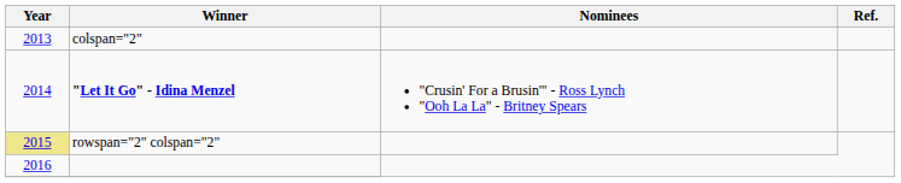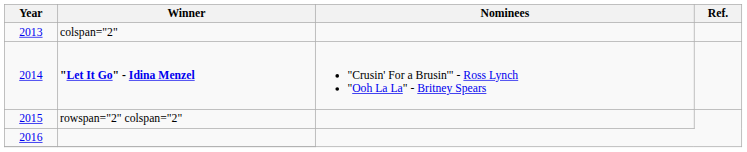 <table class="wikitable" width=80%>
 <tr>
 <th>Year</th>
 <th>Winner</th>
 <th>Nominees</th>
 <th>Ref.</th>
 </tr>
 <tr>
 <td align="center"><a href='#'>2013</a></td>
 <td>colspan="2" </td>
 <td align="center"></td>
 </tr>
 <tr>
 <td align="center"><a href='#'>2014</a></td>
 <td><strong>"<a href='#'>Let It Go</a>" - <a href='#'>Idina Menzel </a></strong></td>
 <td><br><ul><li>"Crusin' For a Brusin'" - <a href='#'>Ross Lynch</a></li><li>"<a href='#'>Ooh La La</a>" - <a href='#'>Britney Spears</a></li></ul></td>
 <td align="center"></td>
 </tr>
 <tr>
-<td align="center" style="background: khaki;"><a href='#'>2015</a></td>
+<td align="center"><a href='#'>2015</a></td>
 <td>rowspan="2" colspan="2" </td>
 <td align="center"></td>
 </tr>
 <tr>
 <td align="center"><a href='#'>2016</a></td>
 <td align="center"></td>
 </tr>
 <tr>
 </tr>
 </table>
